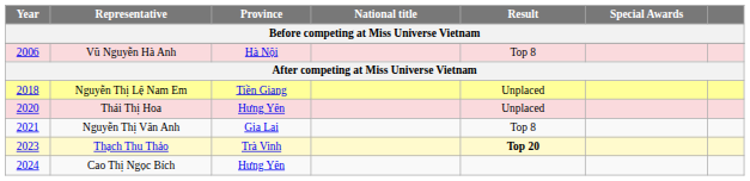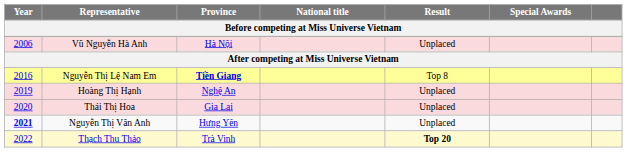 <table class="wikitable sortable" style="font-size: 83%; text-align:center">
 <tr bgcolor="#787878" colspan=10 align="center">
 <th width="60" style="background-color:#787878;color:#FFFFFF;"><span><strong>Year</strong></span></th>
 <th width="250" style="background-color:#787878;color:#FFFFFF;"><span><strong>Representative</strong></span></th>
 <th width="150" style="background-color:#787878;color:#FFFFFF;"><span><strong>Province</strong></span></th>
 <th width="250" style="background-color:#787878;color:#FFFFFF;"><span><strong>National title</strong></span></th>
 <th width="200" style="background-color:#787878;color:#FFFFFF;"><span><strong>Result</strong></span></th>
 <th width="200" style="background-color:#787878;color:#FFFFFF;"><span><strong>Special Awards</strong></span></th>
 <th width="60" style="background-color:#787878;color:#FFFFFF;"><span><strong></strong></span></th>
 </tr>
 <tr>
 <th colspan="7">Before competing at Miss Universe Vietnam</th>
 </tr>
 <tr>
 </tr>
 <tr style="background-color:#FADADD;">
 <td><a href='#'>2006</a></td>
 <td>Vũ Nguyễn Hà Anh</td>
 <td><a href='#'>Hà Nội</a></td>
 <td style="background:;"></td>
-<td>Top 8</td>
+<td>Unplaced</td>
 <td style="background:;"></td>
 <td></td>
 </tr>
 <tr>
 <th colspan="7">After competing at Miss Universe Vietnam</th>
 </tr>
 <tr style="background-color:#FFFF99;">
-<td><a href='#'>2018</a></td>
+<td><a href='#'>2016</a></td>
 <td>Nguyễn Thị Lệ Nam Em</td>
-<td><a href='#'>Tiền Giang</a></td>
+<td><strong><a href='#'>Tiền Giang</a></strong></td>
+<td style="background:;"></td>
+<td>Top 8</td>
+<td style="background:;"></td>
+<td></td>
+</tr>
+<tr style="background-color:#FADADD;: bold">
+<td><a href='#'>2019</a></td>
+<td>Hoàng Thị Hạnh</td>
+<td><a href='#'>Nghệ An</a></td>
 <td style="background:;"></td>
 <td>Unplaced</td>
 <td style="background:;"></td>
 <td></td>
 </tr>
 <tr style="background-color:#FADADD;: bold">
 <td><a href='#'>2020</a></td>
 <td>Thái Thị Hoa</td>
-<td><a href='#'>Hưng Yên</a></td>
+<td><a href='#'>Gia Lai</a></td>
 <td style="background:;"></td>
 <td>Unplaced</td>
 <td style="background:;"></td>
 <td></td>
 </tr>
 <tr>
-<td><a href='#'>2021</a></td>
+<td><strong><a href='#'>2021</a></strong></td>
 <td>Nguyễn Thị Vân Anh</td>
-<td><a href='#'>Gia Lai</a></td>
+<td><a href='#'>Hưng Yên</a></td>
 <td style="background:;"></td>
-<td>Top 8</td>
+<td>Unplaced</td>
 <td></td>
 <td></td>
 </tr>
 <tr style="background-color:#FFFACD">
-<td><a href='#'>2023</a></td>
+<td><a href='#'>2022</a></td>
 <td><a href='#'>Thạch Thu Thảo</a></td>
 <td><a href='#'>Trà Vinh</a></td>
 <td style="background:;"></td>
 <td><strong>Top 20</strong></td>
 <td></td>
 <td></td>
 </tr>
-<tr>
-<td><a href='#'>2024</a></td>
-<td>Cao Thị Ngọc Bích</td>
-<td><a href='#'>Hưng Yên</a></td>
-<td style="background:;"></td>
-<td></td>
-<td></td>
-<td></td>
-</tr>
 </table>
